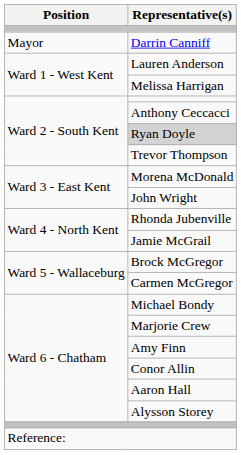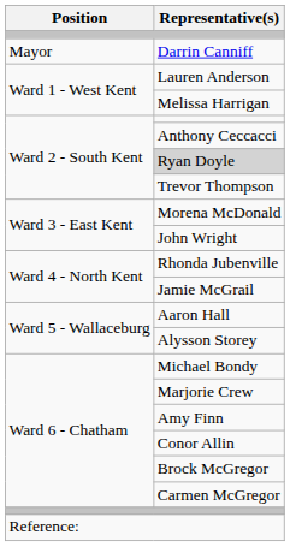 <table class="wikitable">
 <tr>
 <th>Position</th>
 <th>Representative(s)</th>
 </tr>
 <tr>
 <td style="text-align:right;background-color:#c2c2c2;"colspan="2"></td>
 </tr>
 <tr>
 <td>Mayor</td>
 <td><a href='#'>Darrin Canniff</a></td>
 </tr>
 <tr>
 <td rowspan="2">Ward 1 - West Kent</td>
 <td>Lauren Anderson</td>
 </tr>
 <tr>
 <td>Melissa Harrigan</td>
 </tr>
 <tr>
 <td rowspan="4">Ward 2 - South Kent</td>
 <td></td>
 </tr>
 <tr>
 <td>Anthony Ceccacci</td>
 </tr>
 <tr>
 <td style="background: lightgrey;">Ryan Doyle</td>
 </tr>
 <tr>
 <td>Trevor Thompson</td>
 </tr>
 <tr>
 <td rowspan="2">Ward 3 - East Kent</td>
 <td>Morena McDonald</td>
 </tr>
 <tr>
 <td>John Wright</td>
 </tr>
 <tr>
 <td rowspan="2">Ward 4 - North Kent</td>
 <td>Rhonda Jubenville</td>
 </tr>
 <tr>
 <td>Jamie McGrail</td>
 </tr>
 <tr>
 <td rowspan="2">Ward 5 - Wallaceburg</td>
-<td>Brock McGregor</td>
+<td>Aaron Hall</td>
 </tr>
 <tr>
-<td>Carmen McGregor</td>
+<td>Alysson Storey</td>
 </tr>
 <tr>
 <td rowspan="6">Ward 6 - Chatham</td>
 <td>Michael Bondy</td>
 </tr>
 <tr>
 <td>Marjorie Crew</td>
 </tr>
 <tr>
 <td>Amy Finn</td>
 </tr>
 <tr>
 <td>Conor Allin</td>
 </tr>
 <tr>
-<td>Aaron Hall</td>
+<td>Brock McGregor</td>
 </tr>
 <tr>
-<td>Alysson Storey</td>
+<td>Carmen McGregor</td>
 </tr>
 <tr>
 <td style="text-align:right;background-color:#c2c2c2;"colspan="2"></td>
 </tr>
 <tr>
 <td colspan="2">Reference:</td>
 </tr>
 </table>
